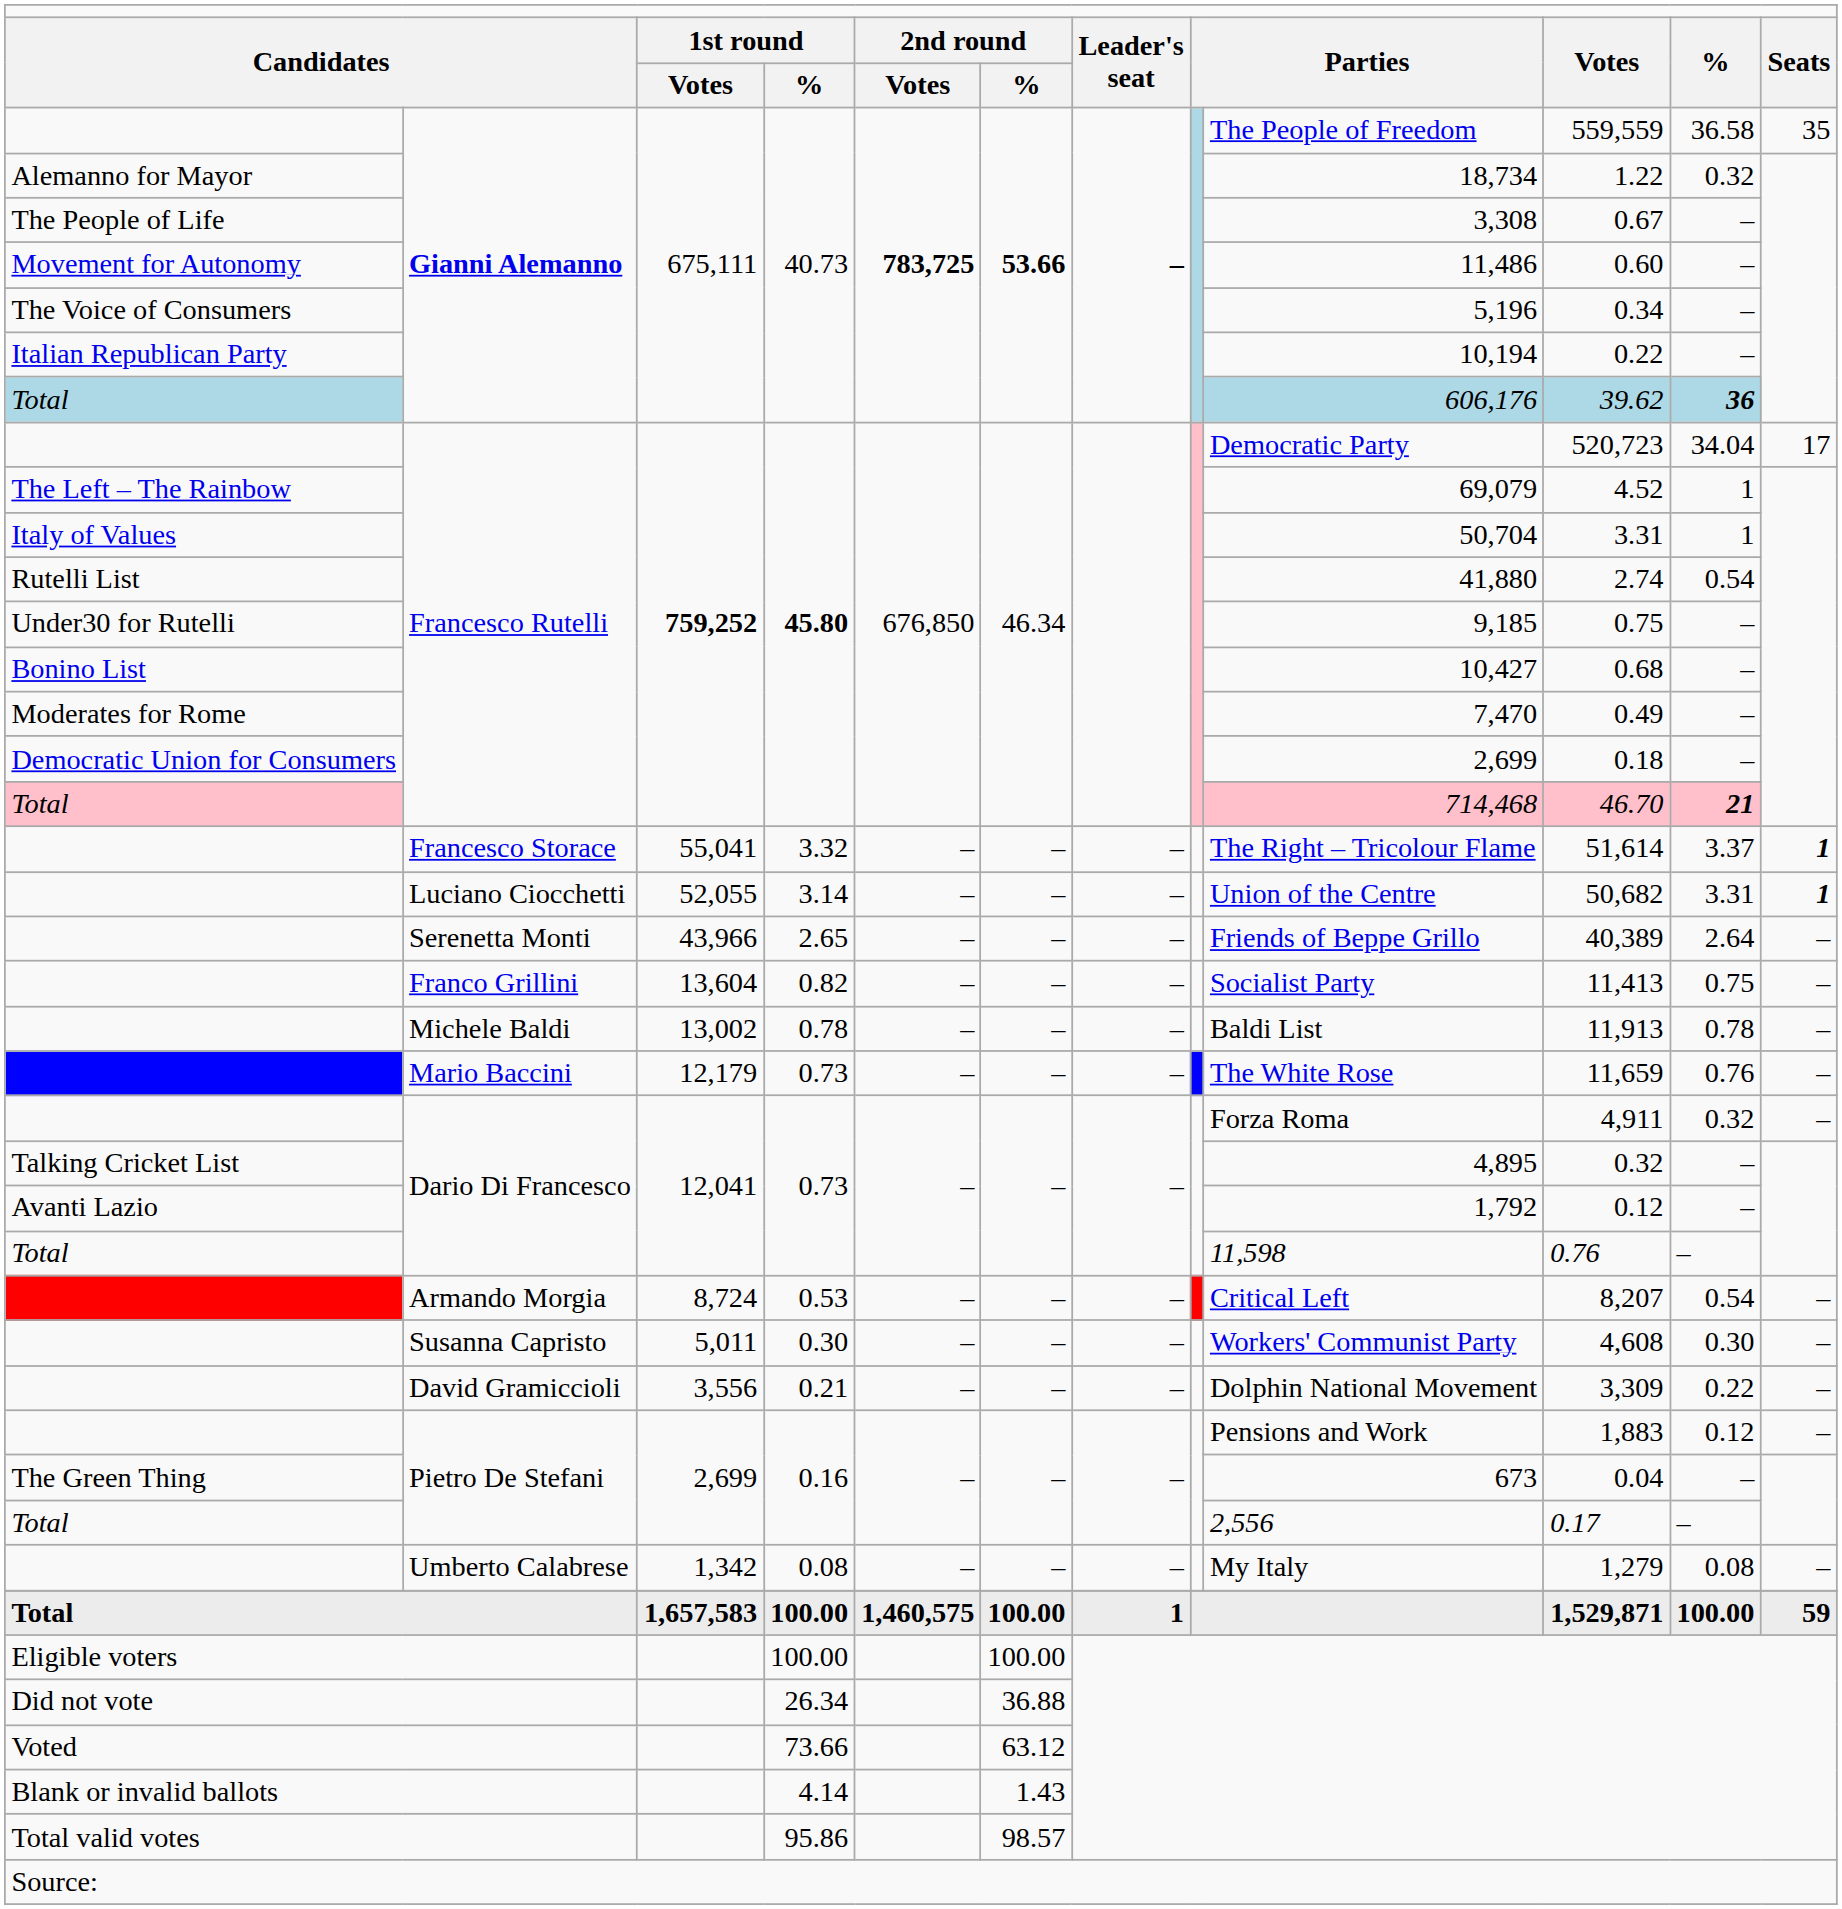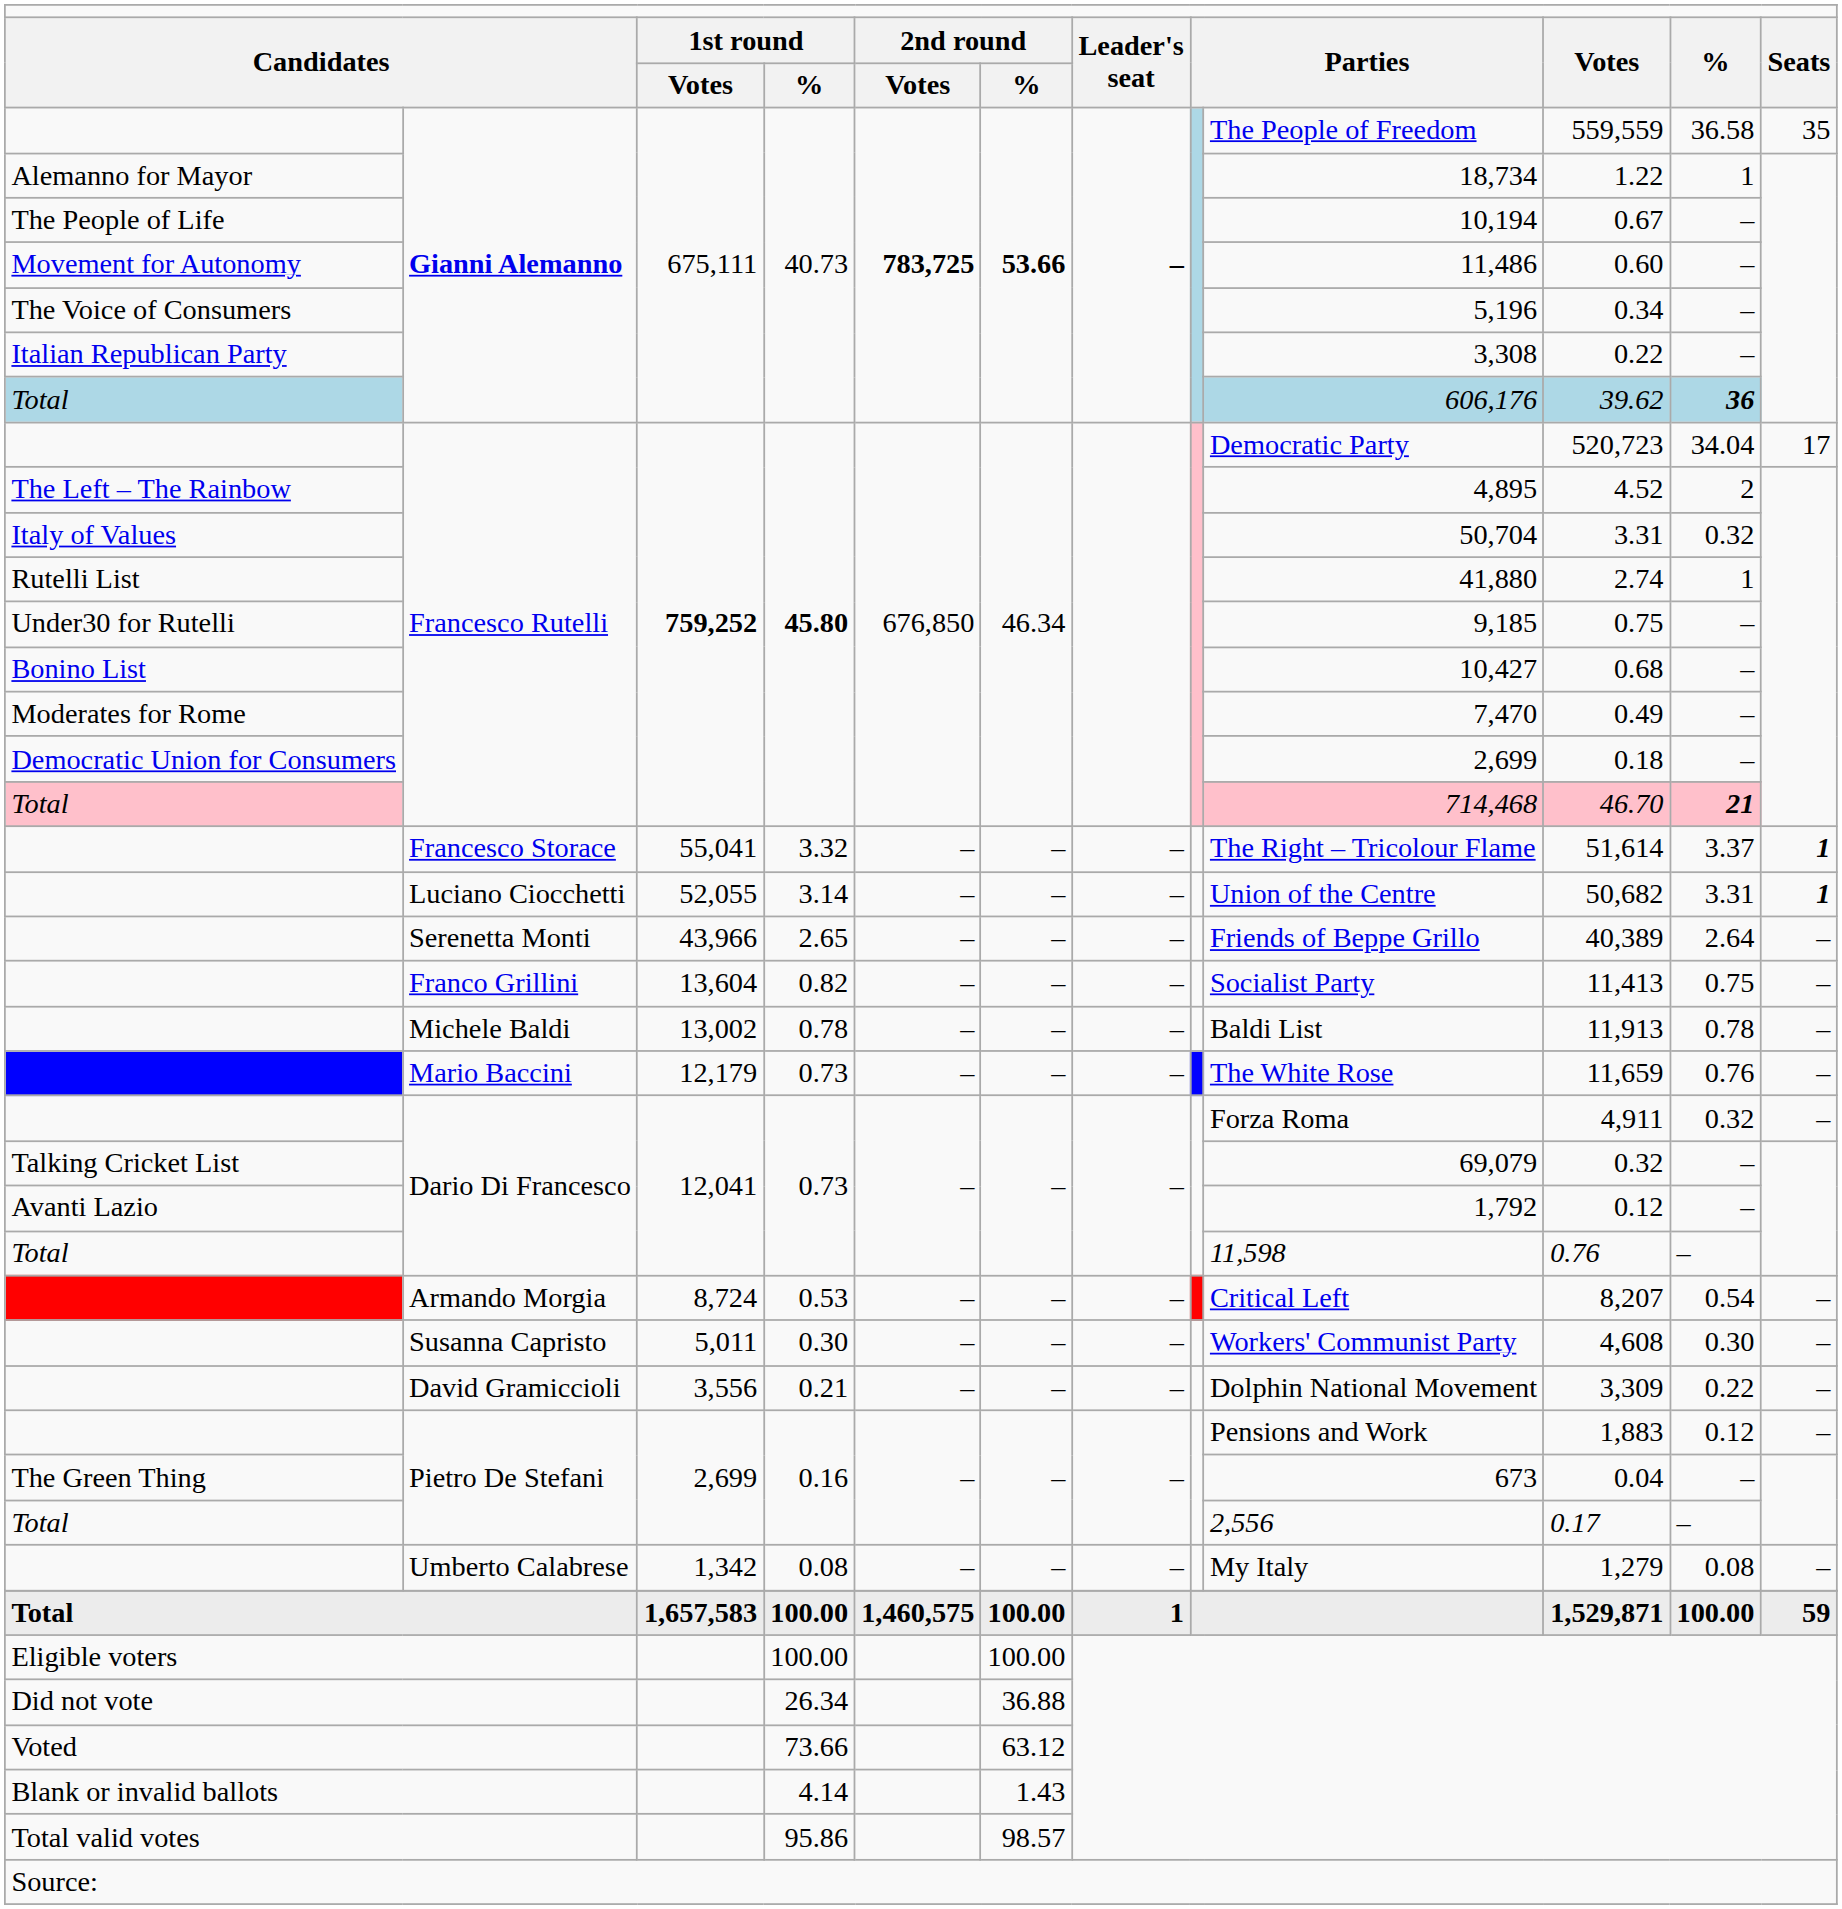 <table class="wikitable" style="text-align:left">
 <tr>
 <td colspan="12"></td>
 </tr>
 <tr>
 <th rowspan=2 colspan="2">Candidates</th>
 <th colspan=2>1st round</th>
 <th colspan=2>2nd round</th>
 <th rowspan=2>Leader's<br>seat</th>
 <th rowspan=2 colspan=2>Parties</th>
 <th rowspan=2>Votes</th>
 <th rowspan=2>%</th>
 <th rowspan=2>Seats</th>
 </tr>
 <tr>
 <th>Votes</th>
 <th>%</th>
 <th>Votes</th>
 <th>%</th>
 </tr>
 <tr>
 <td></td>
 <td rowspan=7><strong><a href='#'>Gianni Alemanno</a></strong></td>
 <td rowspan=7 align=right>675,111</td>
 <td rowspan=7 align=right>40.73</td>
 <td rowspan=7 align=right><strong>783,725</strong></td>
 <td rowspan=7 align=right><strong>53.66</strong></td>
 <td rowspan=7 align=right><strong>–</strong></td>
 <td rowspan=7 bgcolor=lightblue></td>
 <td><a href='#'>The People of Freedom</a></td>
 <td align=right>559,559</td>
 <td align=right>36.58</td>
 <td align=right>35</td>
 </tr>
 <tr>
 <td>Alemanno for Mayor</td>
 <td align=right>18,734</td>
 <td align=right>1.22</td>
-<td align=right>0.32</td>
+<td align=right>1</td>
 </tr>
 <tr>
 <td>The People of Life</td>
-<td align=right>3,308</td>
+<td align=right>10,194</td>
 <td align=right>0.67</td>
 <td align=right>–</td>
 </tr>
 <tr>
 <td><a href='#'>Movement for Autonomy</a></td>
 <td align=right>11,486</td>
 <td align=right>0.60</td>
 <td align=right>–</td>
 </tr>
 <tr>
 <td>The Voice of Consumers</td>
 <td align=right>5,196</td>
 <td align=right>0.34</td>
 <td align=right>–</td>
 </tr>
 <tr>
 <td><a href='#'>Italian Republican Party</a></td>
-<td align=right>10,194</td>
+<td align=right>3,308</td>
 <td align=right>0.22</td>
 <td align=right>–</td>
 </tr>
 <tr>
 <td bgcolor=lightblue><em>Total</em></td>
 <td bgcolor=lightblue align=right><em>606,176</em></td>
 <td bgcolor=lightblue align=right><em>39.62</em></td>
 <td bgcolor=lightblue align=right><strong><em>36</em></strong></td>
 </tr>
 <tr>
 <td></td>
 <td rowspan=9><a href='#'>Francesco Rutelli</a></td>
 <td rowspan=9 align=right><strong>759,252</strong></td>
 <td rowspan=9 align=right><strong>45.80</strong></td>
 <td rowspan=9 align=right>676,850</td>
 <td rowspan=9 align=right>46.34</td>
 <td rowspan=9 align=right></td>
 <td rowspan=9 bgcolor=pink></td>
 <td><a href='#'>Democratic Party</a></td>
 <td align=right>520,723</td>
 <td align=right>34.04</td>
 <td align=right>17</td>
 </tr>
 <tr>
 <td><a href='#'>The Left – The Rainbow</a></td>
-<td align=right>69,079</td>
+<td align=right>4,895</td>
 <td align=right>4.52</td>
-<td align=right>1</td>
+<td align=right>2</td>
 </tr>
 <tr>
 <td><a href='#'>Italy of Values</a></td>
 <td align=right>50,704</td>
 <td align=right>3.31</td>
-<td align=right>1</td>
+<td align=right>0.32</td>
 </tr>
 <tr>
 <td>Rutelli List</td>
 <td align=right>41,880</td>
 <td align=right>2.74</td>
-<td align=right>0.54</td>
+<td align=right>1</td>
 </tr>
 <tr>
 <td>Under30 for Rutelli</td>
 <td align=right>9,185</td>
 <td align=right>0.75</td>
 <td align=right>–</td>
 </tr>
 <tr>
 <td><a href='#'>Bonino List</a></td>
 <td align=right>10,427</td>
 <td align=right>0.68</td>
 <td align=right>–</td>
 </tr>
 <tr>
 <td>Moderates for Rome</td>
 <td align=right>7,470</td>
 <td align=right>0.49</td>
 <td align=right>–</td>
 </tr>
 <tr>
 <td><a href='#'>Democratic Union for Consumers</a></td>
 <td align=right>2,699</td>
 <td align=right>0.18</td>
 <td align=right>–</td>
 </tr>
 <tr>
 <td bgcolor=pink><em>Total</em></td>
 <td bgcolor=pink align=right><em>714,468</em></td>
 <td bgcolor=pink align=right><em>46.70</em></td>
 <td bgcolor=pink align=right><strong><em>21</em></strong></td>
 </tr>
 <tr>
 <td></td>
 <td><a href='#'>Francesco Storace</a></td>
 <td align=right>55,041</td>
 <td align=right>3.32</td>
 <td align=right>–</td>
 <td align=right>–</td>
 <td align=right>–</td>
 <td></td>
 <td><a href='#'>The Right – Tricolour Flame</a></td>
 <td align=right>51,614</td>
 <td align=right>3.37</td>
 <td align=right><strong><em>1</em></strong></td>
 </tr>
 <tr>
 <td></td>
 <td>Luciano Ciocchetti</td>
 <td align=right>52,055</td>
 <td align=right>3.14</td>
 <td align=right>–</td>
 <td align=right>–</td>
 <td align=right>–</td>
 <td></td>
 <td><a href='#'>Union of the Centre</a></td>
 <td align=right>50,682</td>
 <td align=right>3.31</td>
 <td align=right><strong><em>1</em></strong></td>
 </tr>
 <tr>
 <td></td>
 <td>Serenetta Monti</td>
 <td align=right>43,966</td>
 <td align=right>2.65</td>
 <td align=right>–</td>
 <td align=right>–</td>
 <td align=right>–</td>
 <td></td>
 <td><a href='#'>Friends of Beppe Grillo</a></td>
 <td align=right>40,389</td>
 <td align=right>2.64</td>
 <td align=right>–</td>
 </tr>
 <tr>
 <td></td>
 <td><a href='#'>Franco Grillini</a></td>
 <td align=right>13,604</td>
 <td align=right>0.82</td>
 <td align=right>–</td>
 <td align=right>–</td>
 <td align=right>–</td>
 <td></td>
 <td><a href='#'>Socialist Party</a></td>
 <td align=right>11,413</td>
 <td align=right>0.75</td>
 <td align=right>–</td>
 </tr>
 <tr>
 <td></td>
 <td>Michele Baldi</td>
 <td align=right>13,002</td>
 <td align=right>0.78</td>
 <td align=right>–</td>
 <td align=right>–</td>
 <td align=right>–</td>
 <td></td>
 <td>Baldi List</td>
 <td align=right>11,913</td>
 <td align=right>0.78</td>
 <td align=right>–</td>
 </tr>
 <tr>
 <td bgcolor="blue"></td>
 <td><a href='#'>Mario Baccini</a></td>
 <td align=right>12,179</td>
 <td align=right>0.73</td>
 <td align=right>–</td>
 <td align=right>–</td>
 <td align=right>–</td>
 <td bgcolor=blue></td>
 <td><a href='#'>The White Rose</a></td>
 <td align=right>11,659</td>
 <td align=right>0.76</td>
 <td align=right>–</td>
 </tr>
 <tr>
 <td></td>
 <td rowspan=4>Dario Di Francesco</td>
 <td rowspan=4 align=right>12,041</td>
 <td rowspan=4 align=right>0.73</td>
 <td rowspan=4 align=right>–</td>
 <td rowspan=4 align=right>–</td>
 <td rowspan=4 align=right>–</td>
 <td rowspan=4></td>
 <td>Forza Roma</td>
 <td align=right>4,911</td>
 <td align=right>0.32</td>
 <td align=right>–</td>
 </tr>
 <tr>
 <td>Talking Cricket List</td>
-<td align=right>4,895</td>
+<td align=right>69,079</td>
 <td align=right>0.32</td>
 <td align=right>–</td>
 </tr>
 <tr>
 <td>Avanti Lazio</td>
 <td align=right>1,792</td>
 <td align=right>0.12</td>
 <td align=right>–</td>
 </tr>
 <tr>
 <td><em>Total</em></td>
 <td><em>11,598</em></td>
 <td><em>0.76</em></td>
 <td><em>–</em></td>
 </tr>
 <tr>
 <td bgcolor="red"></td>
 <td>Armando Morgia</td>
 <td align=right>8,724</td>
 <td align=right>0.53</td>
 <td align=right>–</td>
 <td align=right>–</td>
 <td align=right>–</td>
 <td bgcolor=red></td>
 <td><a href='#'>Critical Left</a></td>
 <td align=right>8,207</td>
 <td align=right>0.54</td>
 <td align=right>–</td>
 </tr>
 <tr>
 <td></td>
 <td>Susanna Capristo</td>
 <td align=right>5,011</td>
 <td align=right>0.30</td>
 <td align=right>–</td>
 <td align=right>–</td>
 <td align=right>–</td>
 <td></td>
 <td><a href='#'>Workers' Communist Party</a></td>
 <td align=right>4,608</td>
 <td align=right>0.30</td>
 <td align=right>–</td>
 </tr>
 <tr>
 <td></td>
 <td>David Gramiccioli</td>
 <td align=right>3,556</td>
 <td align=right>0.21</td>
 <td align=right>–</td>
 <td align=right>–</td>
 <td align=right>–</td>
 <td></td>
 <td>Dolphin National Movement</td>
 <td align=right>3,309</td>
 <td align=right>0.22</td>
 <td align=right>–</td>
 </tr>
 <tr>
 <td></td>
 <td rowspan=3>Pietro De Stefani</td>
 <td rowspan=3 align=right>2,699</td>
 <td rowspan=3 align=right>0.16</td>
 <td rowspan=3 align=right>–</td>
 <td rowspan=3 align=right>–</td>
 <td rowspan=3 align=right>–</td>
 <td rowspan=3></td>
 <td>Pensions and Work</td>
 <td align=right>1,883</td>
 <td align=right>0.12</td>
 <td align=right>–</td>
 </tr>
 <tr>
 <td>The Green Thing</td>
 <td align=right>673</td>
 <td align=right>0.04</td>
 <td align=right>–</td>
 </tr>
 <tr>
 <td><em>Total</em></td>
 <td><em>2,556</em></td>
 <td><em>0.17</em></td>
 <td><em>–</em></td>
 </tr>
 <tr>
 <td></td>
 <td>Umberto Calabrese</td>
 <td align=right>1,342</td>
 <td align=right>0.08</td>
 <td align=right>–</td>
 <td align=right>–</td>
 <td align=right>–</td>
 <td></td>
 <td>My Italy</td>
 <td align=right>1,279</td>
 <td align=right>0.08</td>
 <td align=right>–</td>
 </tr>
 <tr>
 </tr>
 <tr bgcolor=ececec>
 <td colspan="2"><strong>Total</strong></td>
 <td align=right><strong>1,657,583</strong></td>
 <td align=right><strong>100.00</strong></td>
 <td align=right><strong>1,460,575</strong></td>
 <td align=right><strong>100.00</strong></td>
 <td align=right><strong>1</strong></td>
 <td align=right colspan=2></td>
 <td align=right><strong>1,529,871</strong></td>
 <td align=right><strong>100.00</strong></td>
 <td align=right><strong>59</strong></td>
 </tr>
 <tr>
 <td colspan=2>Eligible voters</td>
 <td style="text-align: right"></td>
 <td style="text-align: right">100.00</td>
 <td style="text-align: right"></td>
 <td style="text-align: right">100.00</td>
 <td rowspan=5 colspan=6></td>
 </tr>
 <tr>
 <td colspan=2>Did not vote</td>
 <td style="text-align: right"></td>
 <td style="text-align: right">26.34</td>
 <td style="text-align: right"></td>
 <td style="text-align: right">36.88</td>
 </tr>
 <tr>
 <td colspan=2>Voted</td>
 <td style="text-align: right"></td>
 <td style="text-align: right">73.66</td>
 <td style="text-align: right"></td>
 <td style="text-align: right">63.12</td>
 </tr>
 <tr>
 <td colspan=2>Blank or invalid ballots</td>
 <td style="text-align: right"></td>
 <td style="text-align: right">4.14</td>
 <td style="text-align: right"></td>
 <td style="text-align: right">1.43</td>
 </tr>
 <tr>
 <td colspan=2>Total valid votes</td>
 <td style="text-align: right"></td>
 <td style="text-align: right">95.86</td>
 <td style="text-align: right"></td>
 <td style="text-align: right">98.57</td>
 </tr>
 <tr>
 <td style="text-align:left;" colspan="12">Source: </td>
 </tr>
 </table>
